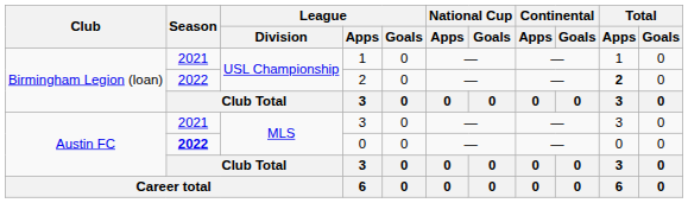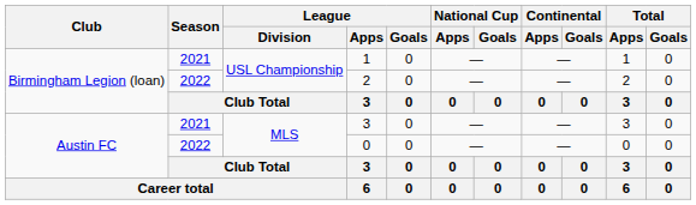 <table class=wikitable style=text-align:center>
 <tr>
 <th rowspan=2>Club</th>
 <th rowspan=2>Season</th>
 <th colspan=3>League</th>
 <th colspan=2>National Cup</th>
 <th colspan=2>Continental</th>
 <th colspan=2>Total</th>
 </tr>
 <tr>
 <th>Division</th>
 <th>Apps</th>
 <th>Goals</th>
 <th>Apps</th>
 <th>Goals</th>
 <th>Apps</th>
 <th>Goals</th>
 <th>Apps</th>
 <th>Goals</th>
 </tr>
 <tr>
 <td rowspan=3><a href='#'>Birmingham Legion</a> (loan)</td>
 <td><a href='#'>2021</a></td>
 <td rowspan="2"><a href='#'>USL Championship</a></td>
 <td>1</td>
 <td>0</td>
 <td colspan=2>—</td>
 <td colspan=2>—</td>
 <td>1</td>
 <td>0</td>
 </tr>
 <tr>
 <td><a href='#'>2022</a></td>
 <td>2</td>
 <td>0</td>
 <td colspan=2>—</td>
 <td colspan=2>—</td>
-<td><strong>2</strong></td>
+<td>2</td>
 <td>0</td>
 </tr>
 <tr>
 <th colspan=2>Club Total</th>
 <th>3</th>
 <th>0</th>
 <th>0</th>
 <th>0</th>
 <th>0</th>
 <th>0</th>
 <th>3</th>
 <th>0</th>
 </tr>
 <tr>
 <td rowspan=3><a href='#'>Austin FC</a></td>
 <td><a href='#'>2021</a></td>
 <td rowspan=2><a href='#'>MLS</a></td>
 <td>3</td>
 <td>0</td>
 <td colspan=2>—</td>
 <td colspan=2>—</td>
 <td>3</td>
 <td>0</td>
 </tr>
 <tr>
-<td><strong><a href='#'>2022</a></strong></td>
+<td><a href='#'>2022</a></td>
 <td>0</td>
 <td>0</td>
 <td colspan=2>—</td>
 <td colspan=2>—</td>
 <td>0</td>
 <td>0</td>
 </tr>
 <tr>
 <th colspan=2>Club Total</th>
 <th>3</th>
 <th>0</th>
 <th>0</th>
 <th>0</th>
 <th>0</th>
 <th>0</th>
 <th>3</th>
 <th>0</th>
 </tr>
 <tr>
 <th colspan=3>Career total</th>
 <th>6</th>
 <th>0</th>
 <th>0</th>
 <th>0</th>
 <th>0</th>
 <th>0</th>
 <th>6</th>
 <th>0</th>
 </tr>
 </table>
